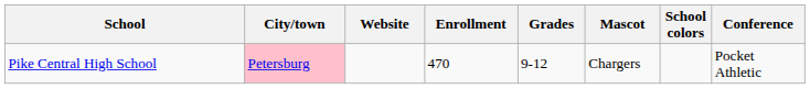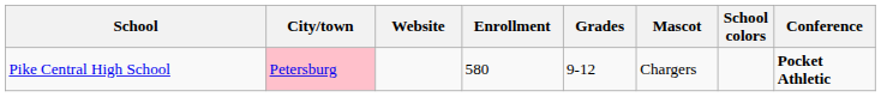 <table class="wikitable sortable" width="70%">
 <tr>
 <th width="20%">School</th>
 <th width="08%">City/town</th>
 <th width="06%">Website</th>
 <th width="04%">Enrollment</th>
 <th width="04%">Grades</th>
 <th width="04%">Mascot</th>
 <th width=01%>School colors</th>
 <th width="04%">Conference</th>
 </tr>
 <tr>
 <td><a href='#'>Pike Central High School</a></td>
 <td style="background: pink;"><a href='#'>Petersburg</a></td>
 <td></td>
-<td>470</td>
+<td>580</td>
 <td>9-12</td>
 <td>Chargers</td>
 <td>  </td>
-<td>Pocket Athletic</td>
+<td><strong>Pocket Athletic</strong></td>
 </tr>
 </table>
